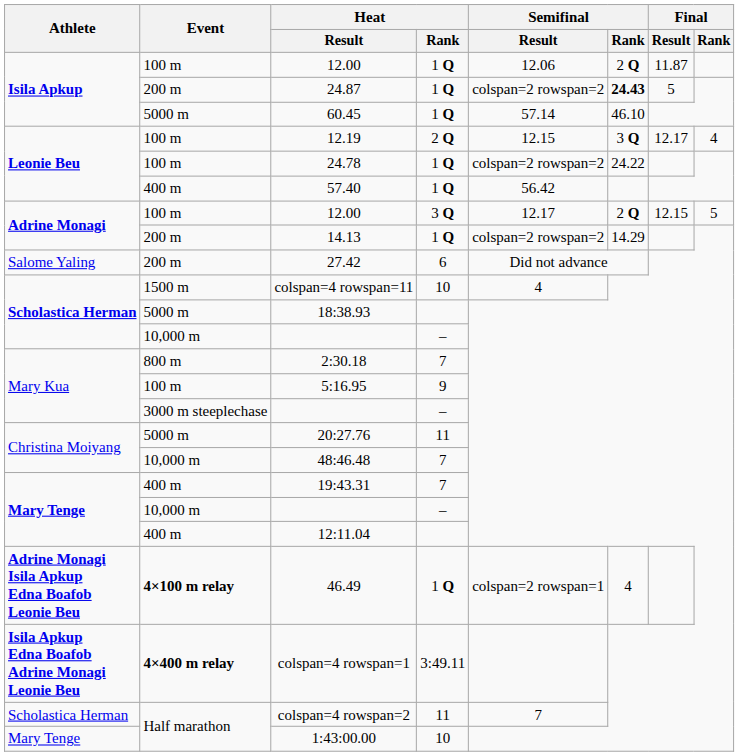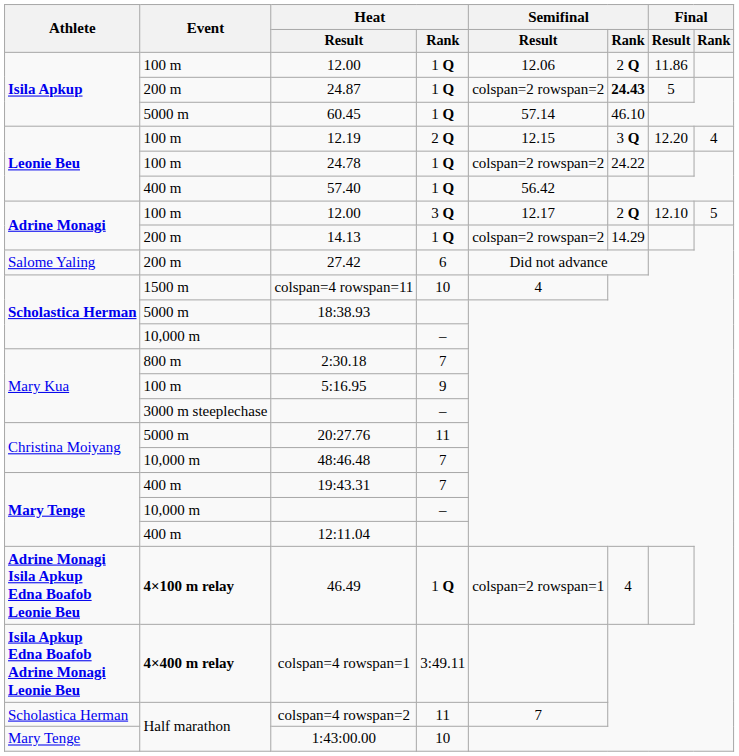 <table class="wikitable" style="font-size:90%">
 <tr>
 <th rowspan="2">Athlete</th>
 <th rowspan="2">Event</th>
 <th colspan="2">Heat</th>
 <th colspan="2">Semifinal</th>
 <th colspan="2">Final</th>
 </tr>
 <tr style="font-size:95%">
 <th>Result</th>
 <th>Rank</th>
 <th>Result</th>
 <th>Rank</th>
 <th>Result</th>
 <th>Rank</th>
 </tr>
 <tr align=center>
 <td align=left rowspan=3><strong><a href='#'>Isila Apkup</a></strong></td>
 <td align=left>100 m</td>
 <td>12.00</td>
 <td>1 <strong>Q</strong></td>
 <td>12.06</td>
 <td>2 <strong>Q</strong></td>
-<td>11.87</td>
+<td>11.86</td>
 <td></td>
 </tr>
 <tr align=center>
 <td align=left>200 m</td>
 <td>24.87</td>
 <td>1 <strong>Q</strong></td>
 <td>colspan=2 rowspan=2 </td>
 <td><strong>24.43</strong></td>
 <td>5</td>
 </tr>
 <tr align=center>
 <td align=left>5000 m</td>
 <td>60.45</td>
 <td>1 <strong>Q</strong></td>
 <td>57.14</td>
 <td>46.10</td>
 </tr>
 <tr align=center>
 <td align=left rowspan=3><strong><a href='#'>Leonie Beu</a></strong></td>
 <td align=left>100 m</td>
 <td>12.19</td>
 <td>2 <strong>Q</strong></td>
 <td>12.15</td>
 <td>3 <strong>Q</strong></td>
-<td>12.17</td>
+<td>12.20</td>
 <td>4</td>
 </tr>
 <tr align=center>
 <td align=left>100 m</td>
 <td>24.78</td>
 <td>1 <strong>Q</strong></td>
 <td>colspan=2 rowspan=2 </td>
 <td>24.22</td>
 <td></td>
 </tr>
 <tr align=center>
 <td align=left>400 m</td>
 <td>57.40</td>
 <td>1 <strong>Q</strong></td>
 <td>56.42</td>
 <td></td>
 </tr>
 <tr align=center>
 <td align=left rowspan=2><strong><a href='#'>Adrine Monagi</a></strong></td>
 <td align=left>100 m</td>
 <td>12.00</td>
 <td>3 <strong>Q</strong></td>
 <td>12.17</td>
 <td>2 <strong>Q</strong></td>
-<td>12.15</td>
+<td>12.10</td>
 <td>5</td>
 </tr>
 <tr align=center>
 <td style=text-align:left>200 m</td>
 <td>14.13</td>
 <td>1 <strong>Q</strong></td>
 <td>colspan=2 rowspan=2 </td>
 <td>14.29</td>
 <td></td>
 </tr>
 <tr style=text-align:center>
 <td style=text-align:left><a href='#'>Salome Yaling</a></td>
 <td style=text-align:left>200 m</td>
 <td>27.42</td>
 <td>6</td>
 <td colspan=2>Did not advance</td>
 </tr>
 <tr align=center>
 <td align=left rowspan=3><strong><a href='#'>Scholastica Herman</a></strong></td>
 <td align=left>1500 m</td>
 <td>colspan=4 rowspan=11 </td>
 <td>10</td>
 <td>4</td>
 </tr>
 <tr align=center>
 <td align=left>5000 m</td>
 <td>18:38.93</td>
 <td></td>
 </tr>
 <tr align=center>
 <td align=left>10,000 m</td>
 <td></td>
 <td>–</td>
 </tr>
 <tr align=center>
 <td align=left rowspan=3><a href='#'>Mary Kua</a></td>
 <td align=left>800 m</td>
 <td>2:30.18</td>
 <td>7</td>
 </tr>
 <tr align=center>
 <td align=left>100 m</td>
 <td>5:16.95</td>
 <td>9</td>
 </tr>
 <tr align=center>
 <td align=left>3000 m steeplechase</td>
 <td></td>
 <td>–</td>
 </tr>
 <tr style=text-align:center>
 <td style=text-align:left rowspan=2><a href='#'>Christina Moiyang</a></td>
 <td style=text-align:left>5000 m</td>
 <td>20:27.76</td>
 <td>11</td>
 </tr>
 <tr align=center>
 <td align=left>10,000 m</td>
 <td>48:46.48</td>
 <td>7</td>
 </tr>
 <tr align=center>
 <td align=left rowspan=3><strong><a href='#'>Mary Tenge</a></strong></td>
 <td align=left>400 m</td>
 <td>19:43.31</td>
 <td>7</td>
 </tr>
 <tr align=center>
 <td align=left>10,000 m</td>
 <td></td>
 <td>–</td>
 </tr>
 <tr align=center>
 <td align=left>400 m</td>
 <td>12:11.04</td>
 <td></td>
 </tr>
 <tr style=text-align:center>
 <td style=text-align:left><strong><a href='#'>Adrine Monagi</a><br><a href='#'>Isila Apkup</a><br><a href='#'>Edna Boafob</a><br><a href='#'>Leonie Beu</a></strong></td>
 <td style=text-align:left rowspan=1><strong>4×100 m relay</strong></td>
 <td>46.49</td>
 <td>1 <strong>Q</strong></td>
 <td>colspan=2 rowspan=1 </td>
 <td>4</td>
 <td></td>
 </tr>
 <tr style=text-align:center>
 <td style=text-align:left><strong><a href='#'>Isila Apkup</a><br><a href='#'>Edna Boafob</a><br><a href='#'>Adrine Monagi</a><br><a href='#'>Leonie Beu</a></strong></td>
 <td style=text-align:left rowspan=1><strong>4×400 m relay</strong></td>
 <td>colspan=4 rowspan=1 </td>
 <td>3:49.11</td>
 <td></td>
 </tr>
 <tr style=text-align:center>
 <td style=text-align:left><a href='#'>Scholastica Herman</a></td>
 <td style=text-align:left rowspan=2>Half marathon</td>
 <td>colspan=4 rowspan=2 </td>
 <td>11</td>
 <td>7</td>
 </tr>
 <tr align=center>
 <td align=left><a href='#'>Mary Tenge</a></td>
 <td>1:43:00.00</td>
 <td>10</td>
 </tr>
 </table>
